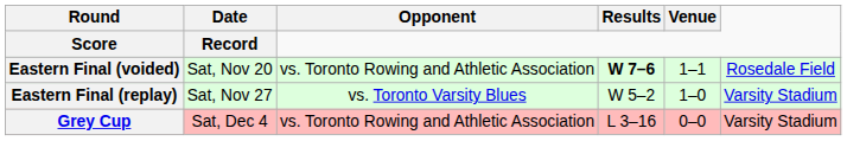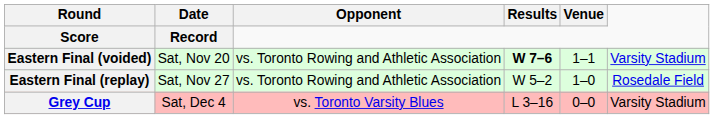 <table class="wikitable" style="text-align:center">
 <tr>
 <th>Round</th>
 <th>Date</th>
 <th>Opponent</th>
 <th>Results</th>
 <th>Venue</th>
 </tr>
 <tr>
 <th>Score</th>
 <th>Record</th>
 </tr>
 <tr style="background:#ddffdd">
 <th>Eastern Final (voided)</th>
 <td>Sat, Nov 20</td>
 <td>vs. Toronto Rowing and Athletic Association</td>
 <td><strong>W 7–6</strong></td>
 <td>1–1</td>
-<td><a href='#'>Rosedale Field</a></td>
+<td><a href='#'>Varsity Stadium</a></td>
 </tr>
 <tr style="background:#ddffdd">
 <th>Eastern Final (replay)</th>
 <td>Sat, Nov 27</td>
-<td>vs. <a href='#'>Toronto Varsity Blues</a></td>
+<td>vs. Toronto Rowing and Athletic Association</td>
 <td>W 5–2</td>
 <td>1–0</td>
-<td><a href='#'>Varsity Stadium</a></td>
+<td><a href='#'>Rosedale Field</a></td>
 </tr>
 <tr style="background:#ffbbbb">
 <th><a href='#'>Grey Cup</a></th>
 <td>Sat, Dec 4</td>
-<td>vs. Toronto Rowing and Athletic Association</td>
+<td>vs. <a href='#'>Toronto Varsity Blues</a></td>
 <td>L 3–16</td>
 <td>0–0</td>
 <td>Varsity Stadium</td>
 </tr>
 </table>
